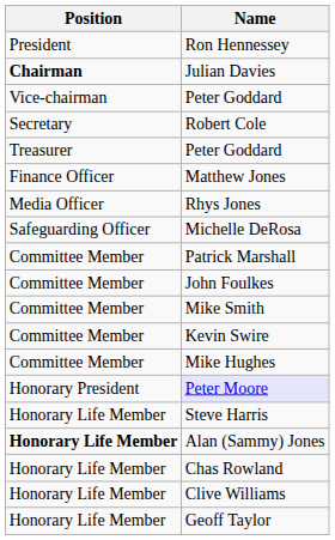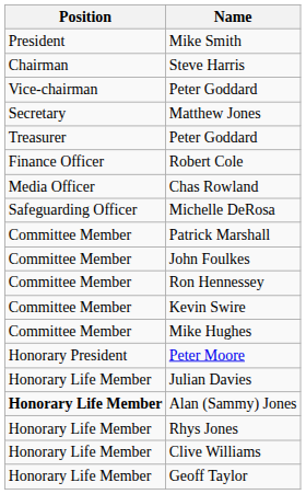 <table class="wikitable">
 <tr>
 <th>Position</th>
 <th>Name</th>
 </tr>
 <tr>
 <td>President</td>
-<td>Ron Hennessey</td>
+<td>Mike Smith</td>
 </tr>
 <tr>
-<td><strong>Chairman</strong></td>
-<td>Julian Davies</td>
+<td>Chairman</td>
+<td>Steve Harris</td>
 </tr>
 <tr>
 <td>Vice-chairman</td>
 <td>Peter Goddard</td>
 </tr>
 <tr>
 <td>Secretary</td>
-<td>Robert Cole</td>
+<td>Matthew Jones</td>
 </tr>
 <tr>
 <td>Treasurer</td>
 <td>Peter Goddard</td>
 </tr>
 <tr>
 <td>Finance Officer</td>
-<td>Matthew Jones</td>
+<td>Robert Cole</td>
 </tr>
 <tr>
 <td>Media Officer</td>
-<td>Rhys Jones</td>
+<td>Chas Rowland</td>
 </tr>
 <tr>
 <td>Safeguarding Officer</td>
 <td>Michelle DeRosa</td>
 </tr>
 <tr>
 <td>Committee Member</td>
 <td>Patrick Marshall</td>
 </tr>
 <tr>
 <td>Committee Member</td>
 <td>John Foulkes</td>
 </tr>
 <tr>
 <td>Committee Member</td>
-<td>Mike Smith</td>
+<td>Ron Hennessey</td>
 </tr>
 <tr>
 <td>Committee Member</td>
 <td>Kevin Swire</td>
 </tr>
 <tr>
 <td>Committee Member</td>
 <td>Mike Hughes</td>
 </tr>
 <tr>
 <td>Honorary President</td>
-<td style="background: lavender;"><a href='#'>Peter Moore</a></td>
+<td><a href='#'>Peter Moore</a></td>
 </tr>
 <tr>
 <td>Honorary Life Member</td>
-<td>Steve Harris</td>
+<td>Julian Davies</td>
 </tr>
 <tr>
 <td><strong>Honorary Life Member</strong></td>
 <td>Alan (Sammy) Jones</td>
 </tr>
 <tr>
 <td>Honorary Life Member</td>
-<td>Chas Rowland</td>
+<td>Rhys Jones</td>
 </tr>
 <tr>
 <td>Honorary Life Member</td>
 <td>Clive Williams</td>
 </tr>
 <tr>
 <td>Honorary Life Member</td>
 <td>Geoff Taylor</td>
 </tr>
 </table>
